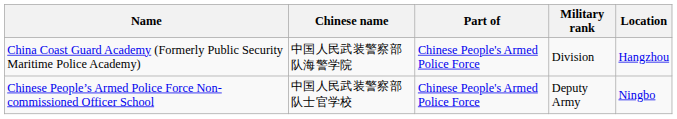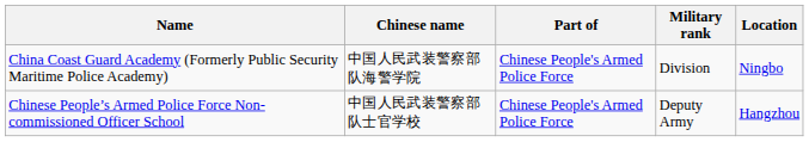 <table class="wikitable + sortable">
 <tr>
 <th>Name</th>
 <th>Chinese name</th>
 <th>Part of</th>
 <th>Military rank</th>
 <th>Location</th>
 </tr>
 <tr>
 <td><a href='#'>China Coast Guard Academy</a> (Formerly Public Security Maritime Police Academy)</td>
 <td>中国人民武装警察部队海警学院</td>
 <td><a href='#'>Chinese People's Armed Police Force</a></td>
 <td>Division</td>
-<td><a href='#'>Hangzhou</a></td>
+<td><a href='#'>Ningbo</a></td>
 </tr>
 <tr>
 <td><a href='#'>Chinese People’s Armed Police Force Non-commissioned Officer School</a></td>
 <td>中国人民武装警察部队士官学校</td>
 <td><a href='#'>Chinese People's Armed Police Force</a></td>
 <td>Deputy Army</td>
-<td><a href='#'>Ningbo</a></td>
+<td><a href='#'>Hangzhou</a></td>
 </tr>
 </table>
